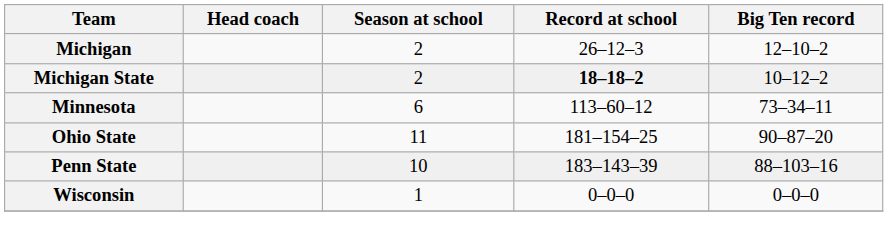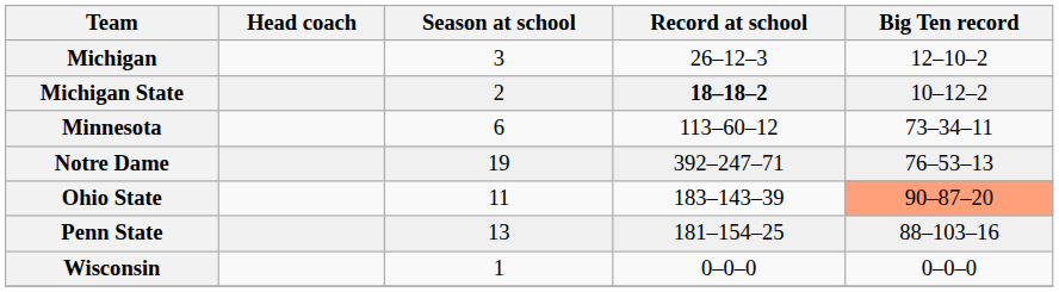 <table class="wikitable sortable" style="text-align: center; "width=60%">
 <tr>
 <th>Team</th>
 <th>Head coach</th>
 <th>Season at school</th>
 <th>Record at school</th>
 <th>Big Ten record</th>
 </tr>
 <tr>
 <th>Michigan</th>
 <td></td>
-<td>2</td>
+<td>3</td>
 <td>26–12–3</td>
 <td>12–10–2</td>
 </tr>
 <tr bgcolor=f0f0f0>
 <th>Michigan State</th>
 <td></td>
 <td>2</td>
 <td><strong>18–18–2</strong></td>
 <td>10–12–2</td>
 </tr>
 <tr>
 <th>Minnesota</th>
 <td></td>
 <td>6</td>
 <td>113–60–12</td>
 <td>73–34–11</td>
 </tr>
+<tr bgcolor=f0f0f0>
+<th>Notre Dame</th>
+<td></td>
+<td>19</td>
+<td>392–247–71</td>
+<td>76–53–13</td>
+</tr>
 <tr>
 <th>Ohio State</th>
 <td></td>
 <td>11</td>
-<td>181–154–25</td>
-<td>90–87–20</td>
+<td>183–143–39</td>
+<td style="background: lightsalmon;">90–87–20</td>
 </tr>
 <tr bgcolor=f0f0f0>
 <th>Penn State</th>
 <td></td>
-<td>10</td>
-<td>183–143–39</td>
+<td>13</td>
+<td>181–154–25</td>
 <td>88–103–16</td>
 </tr>
 <tr>
 <th>Wisconsin</th>
 <td></td>
 <td>1</td>
 <td>0–0–0</td>
 <td>0–0–0</td>
 </tr>
 <tr>
 </tr>
 </table>
